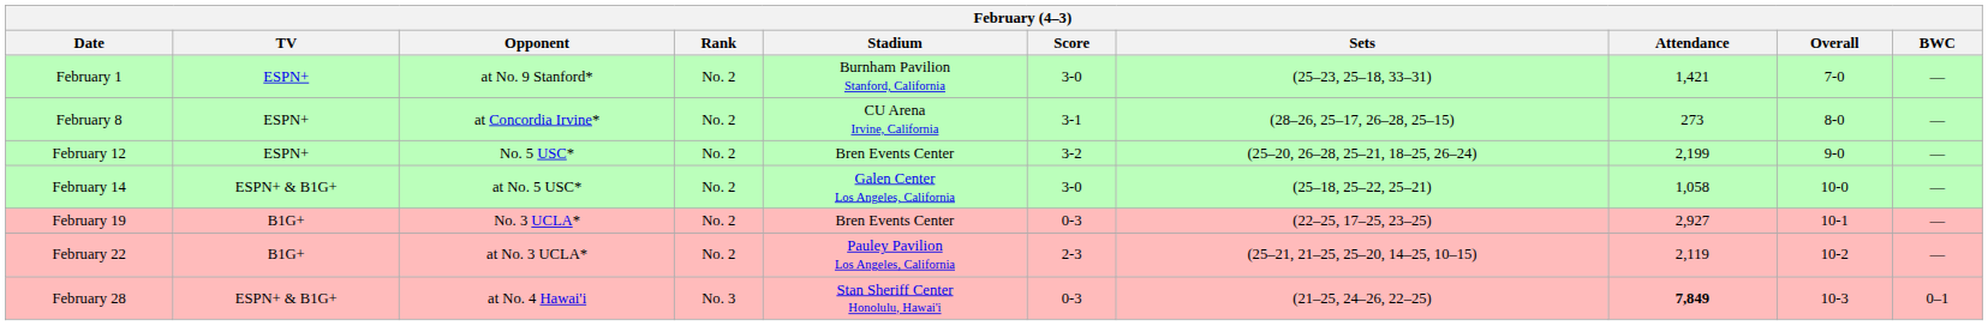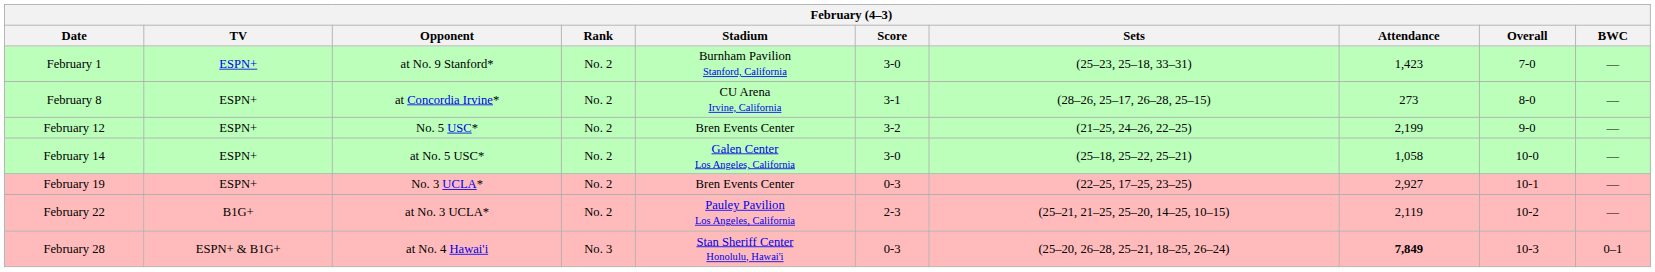 <table class="wikitable collapsible collapsed" style="margin:auto; width:100%; text-align:center; font-size:95%">
 <tr>
 <th colspan=12 style="padding-left:4em;">February (4–3)</th>
 </tr>
 <tr>
 <th bgcolor="#DDDDFF">Date</th>
 <th bgcolor="#DDDDFF">TV</th>
 <th bgcolor="#DDDDFF">Opponent</th>
 <th bgcolor="#DDDDFF">Rank</th>
 <th bgcolor="#DDDDFF">Stadium</th>
 <th bgcolor="#DDDDFF">Score</th>
 <th bgcolor="#DDDDFF">Sets</th>
 <th bgcolor="#DDDDFF">Attendance</th>
 <th bgcolor="#DDDDFF">Overall</th>
 <th bgcolor="#DDDDFF">BWC</th>
 </tr>
 <tr bgcolor="bbffbb">
 <td>February 1</td>
 <td><a href='#'>ESPN+</a></td>
 <td>at No. 9 Stanford*</td>
 <td>No. 2</td>
 <td>Burnham Pavilion <br><small><a href='#'>Stanford, California</a></small></td>
 <td>3-0</td>
 <td>(25–23, 25–18, 33–31)</td>
-<td>1,421</td>
+<td>1,423</td>
 <td>7-0</td>
 <td>—</td>
 </tr>
 <tr bgcolor="bbffbb">
 <td>February 8</td>
 <td>ESPN+</td>
 <td>at <a href='#'>Concordia Irvine</a>*</td>
 <td>No. 2</td>
 <td>CU Arena <br><small><a href='#'>Irvine, California</a></small></td>
 <td>3-1</td>
 <td>(28–26, 25–17, 26–28, 25–15)</td>
 <td>273</td>
 <td>8-0</td>
 <td>—</td>
 </tr>
 <tr bgcolor="bbffbb">
 <td>February 12</td>
 <td>ESPN+</td>
 <td>No. 5 <a href='#'>USC</a>*</td>
 <td>No. 2</td>
 <td>Bren Events Center</td>
 <td>3-2</td>
-<td>(25–20, 26–28, 25–21, 18–25, 26–24)</td>
+<td>(21–25, 24–26, 22–25)</td>
 <td>2,199</td>
 <td>9-0</td>
 <td>—</td>
 </tr>
 <tr bgcolor="bbffbb">
 <td>February 14</td>
-<td>ESPN+ & B1G+</td>
+<td>ESPN+</td>
 <td>at No. 5 USC*</td>
 <td>No. 2</td>
 <td><a href='#'>Galen Center</a><br><small><a href='#'>Los Angeles, California</a></small></td>
 <td>3-0</td>
 <td>(25–18, 25–22, 25–21)</td>
 <td>1,058</td>
 <td>10-0</td>
 <td>—</td>
 </tr>
 <tr bgcolor="ffbbbb">
 <td>February 19</td>
-<td>B1G+</td>
+<td>ESPN+</td>
 <td>No. 3 <a href='#'>UCLA</a>*</td>
 <td>No. 2</td>
 <td>Bren Events Center</td>
 <td>0-3</td>
 <td>(22–25, 17–25, 23–25)</td>
 <td>2,927</td>
 <td>10-1</td>
 <td>—</td>
 </tr>
 <tr bgcolor="ffbbbb">
 <td>February 22</td>
 <td>B1G+</td>
 <td>at No. 3 UCLA*</td>
 <td>No. 2</td>
 <td><a href='#'>Pauley Pavilion</a><br><small><a href='#'>Los Angeles, California</a></small></td>
 <td>2-3</td>
 <td>(25–21, 21–25, 25–20, 14–25, 10–15)</td>
 <td>2,119</td>
 <td>10-2</td>
 <td>—</td>
 </tr>
 <tr bgcolor="ffbbbb">
 <td>February 28</td>
 <td>ESPN+ & B1G+</td>
 <td>at No. 4 <a href='#'>Hawai'i</a></td>
 <td>No. 3</td>
 <td><a href='#'>Stan Sheriff Center</a><br><small><a href='#'>Honolulu, Hawai'i</a></small></td>
 <td>0-3</td>
-<td>(21–25, 24–26, 22–25)</td>
+<td>(25–20, 26–28, 25–21, 18–25, 26–24)</td>
 <td><strong>7,849</strong></td>
 <td>10-3</td>
 <td>0–1</td>
 </tr>
 </table>
